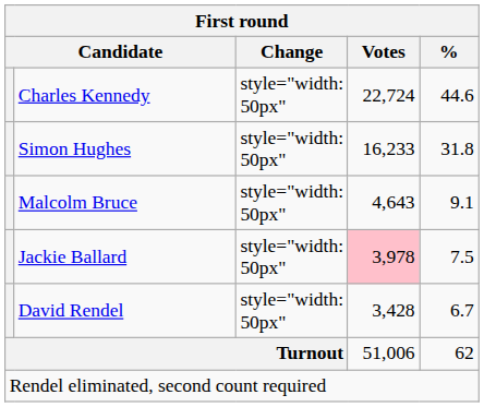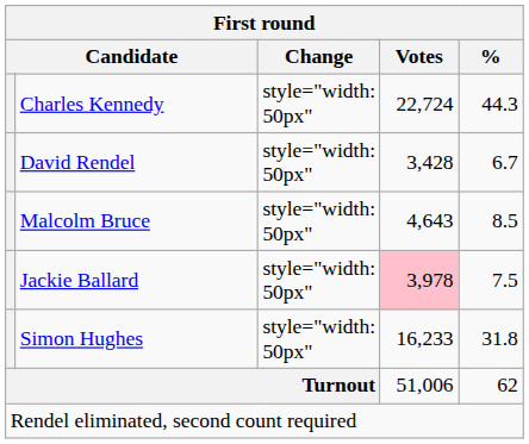 <table class=wikitable style="font-size:95%;">
 <tr>
 <th colspan="5">First round</th>
 </tr>
 <tr>
 <th colspan="2" style="width: 170px">Candidate</th>
 <th style="width: 50px">Change</th>
 <th style="width: 50px">Votes</th>
 <th style="width: 40px">%</th>
 </tr>
 <tr>
 <th style="background-color: "></th>
 <td style="width: 170px"><a href='#'>Charles Kennedy</a></td>
 <td>style="width: 50px" </td>
 <td align="right">22,724</td>
-<td align="right">44.6</td>
+<td align="right">44.3</td>
 </tr>
 <tr>
 <th style="background-color: "></th>
-<td style="width: 170px"><a href='#'>Simon Hughes</a></td>
+<td style="width: 170px"><a href='#'>David Rendel</a></td>
 <td>style="width: 50px" </td>
-<td align="right">16,233</td>
-<td align="right">31.8</td>
+<td align="right">3,428</td>
+<td align="right">6.7</td>
 </tr>
 <tr>
 <th style="background-color: "></th>
 <td style="width: 170px"><a href='#'>Malcolm Bruce</a></td>
 <td>style="width: 50px" </td>
 <td align="right">4,643</td>
-<td align="right">9.1</td>
+<td align="right">8.5</td>
 </tr>
 <tr>
 <th style="background-color: "></th>
 <td style="width: 170px"><a href='#'>Jackie Ballard</a></td>
 <td>style="width: 50px" </td>
 <td align="right" style="background: pink;">3,978</td>
 <td align="right">7.5</td>
 </tr>
 <tr>
 <th style="background-color: "></th>
-<td style="width: 170px"><a href='#'>David Rendel</a></td>
+<td style="width: 170px"><a href='#'>Simon Hughes</a></td>
 <td>style="width: 50px" </td>
-<td align="right">3,428</td>
-<td align="right">6.7</td>
+<td align="right">16,233</td>
+<td align="right">31.8</td>
 </tr>
 <tr>
 <th colspan="3" style="text-align:right">Turnout</th>
 <td align="right">51,006</td>
 <td align="right">62</td>
 </tr>
 <tr>
 <td colspan="5">Rendel eliminated, second count required</td>
 </tr>
 </table>
